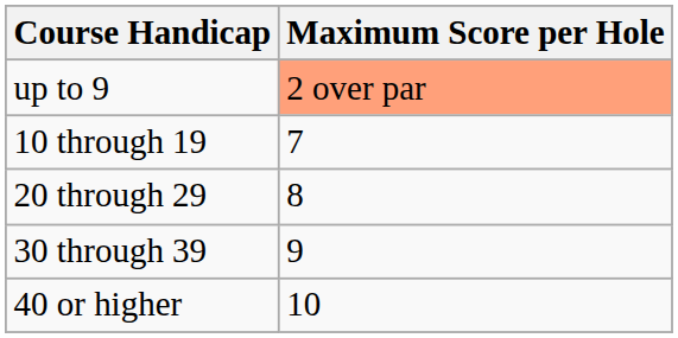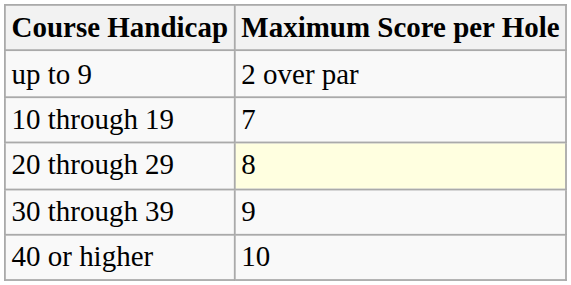 <table class="wikitable">
 <tr>
 <th>Course Handicap</th>
 <th>Maximum Score per Hole</th>
 </tr>
 <tr>
 <td>up to 9</td>
-<td style="background: lightsalmon;">2 over par</td>
+<td>2 over par</td>
 </tr>
 <tr>
 <td>10 through 19</td>
 <td>7</td>
 </tr>
 <tr>
 <td>20 through 29</td>
-<td>8</td>
+<td style="background: lightyellow;">8</td>
 </tr>
 <tr>
 <td>30 through 39</td>
 <td>9</td>
 </tr>
 <tr>
 <td>40 or higher</td>
 <td>10</td>
 </tr>
 </table>
